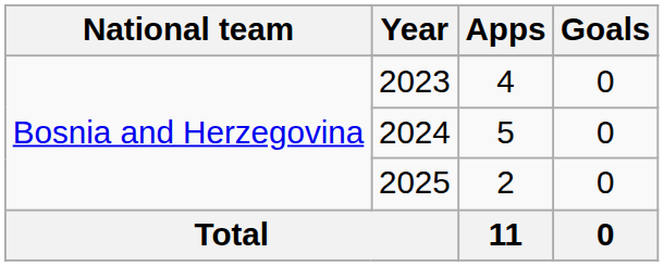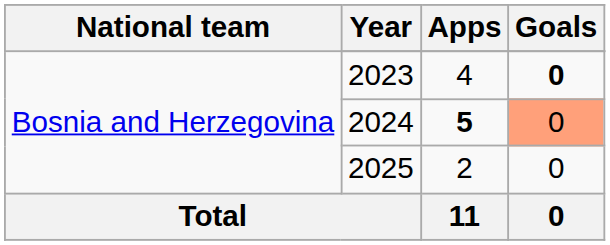 <table class="wikitable" style="text-align:center">
 <tr>
 <th>National team</th>
 <th>Year</th>
 <th>Apps</th>
 <th>Goals</th>
 </tr>
 <tr>
 <td rowspan=4><a href='#'>Bosnia and Herzegovina</a></td>
 </tr>
 <tr>
 <td>2023</td>
 <td>4</td>
-<td>0</td>
+<td><strong>0</strong></td>
 </tr>
 <tr>
 <td>2024</td>
-<td>5</td>
-<td>0</td>
+<td><strong>5</strong></td>
+<td style="background: lightsalmon;">0</td>
 </tr>
 <tr>
 <td>2025</td>
 <td>2</td>
 <td>0</td>
 </tr>
 <tr>
 <th colspan=2>Total</th>
 <th>11</th>
 <th>0</th>
 </tr>
 </table>
